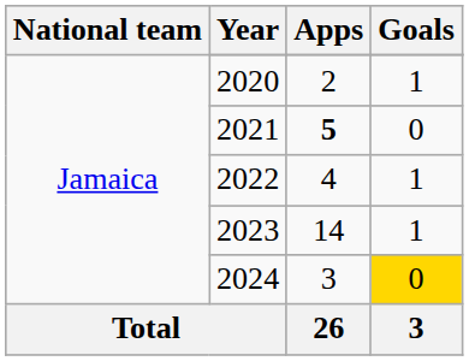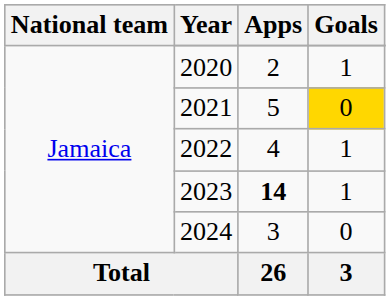 <table class=wikitable style="text-align: center;">
 <tr>
 <th>National team</th>
 <th>Year</th>
 <th>Apps</th>
 <th>Goals</th>
 </tr>
 <tr>
 <td rowspan="6"><a href='#'>Jamaica</a></td>
 </tr>
 <tr>
 <td>2020</td>
 <td>2</td>
 <td>1</td>
 </tr>
 <tr>
 <td>2021</td>
-<td><strong>5</strong></td>
-<td>0</td>
+<td>5</td>
+<td style="background: gold;">0</td>
 </tr>
 <tr>
 <td>2022</td>
 <td>4</td>
 <td>1</td>
 </tr>
 <tr>
 <td>2023</td>
-<td>14</td>
+<td><strong>14</strong></td>
 <td>1</td>
 </tr>
 <tr>
 <td>2024</td>
 <td>3</td>
-<td style="background: gold;">0</td>
+<td>0</td>
 </tr>
 <tr>
 <th colspan="2">Total</th>
 <th>26</th>
 <th>3</th>
 </tr>
 </table>
